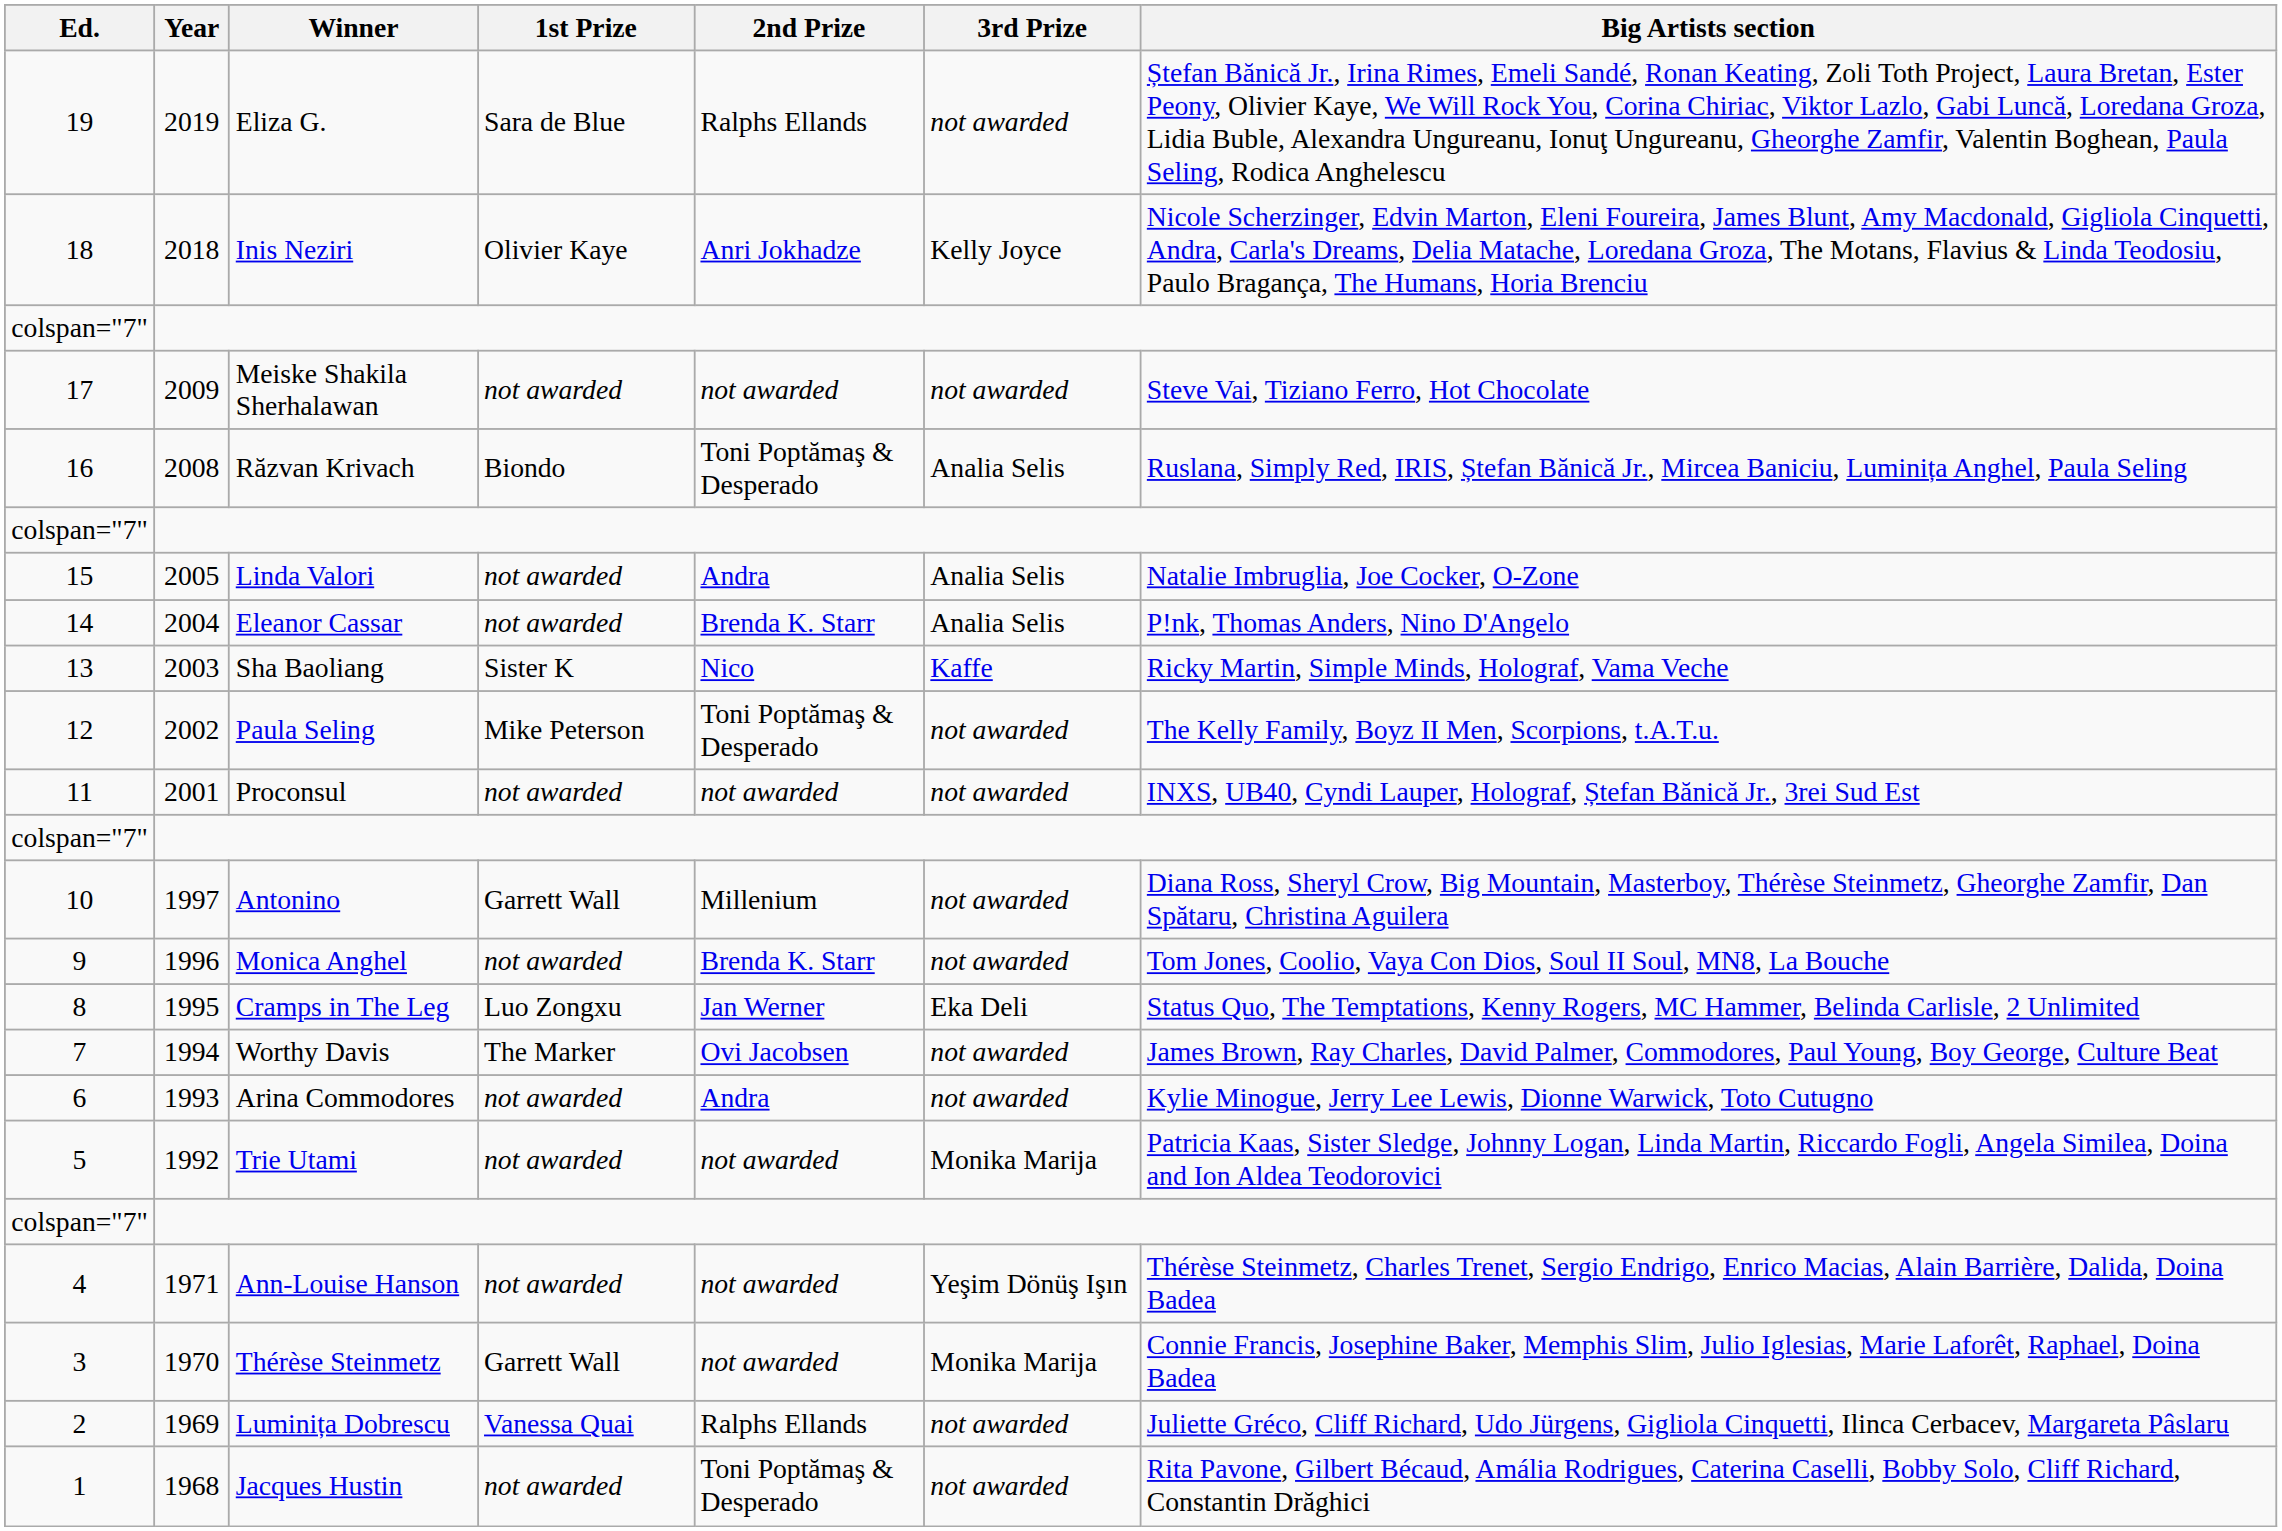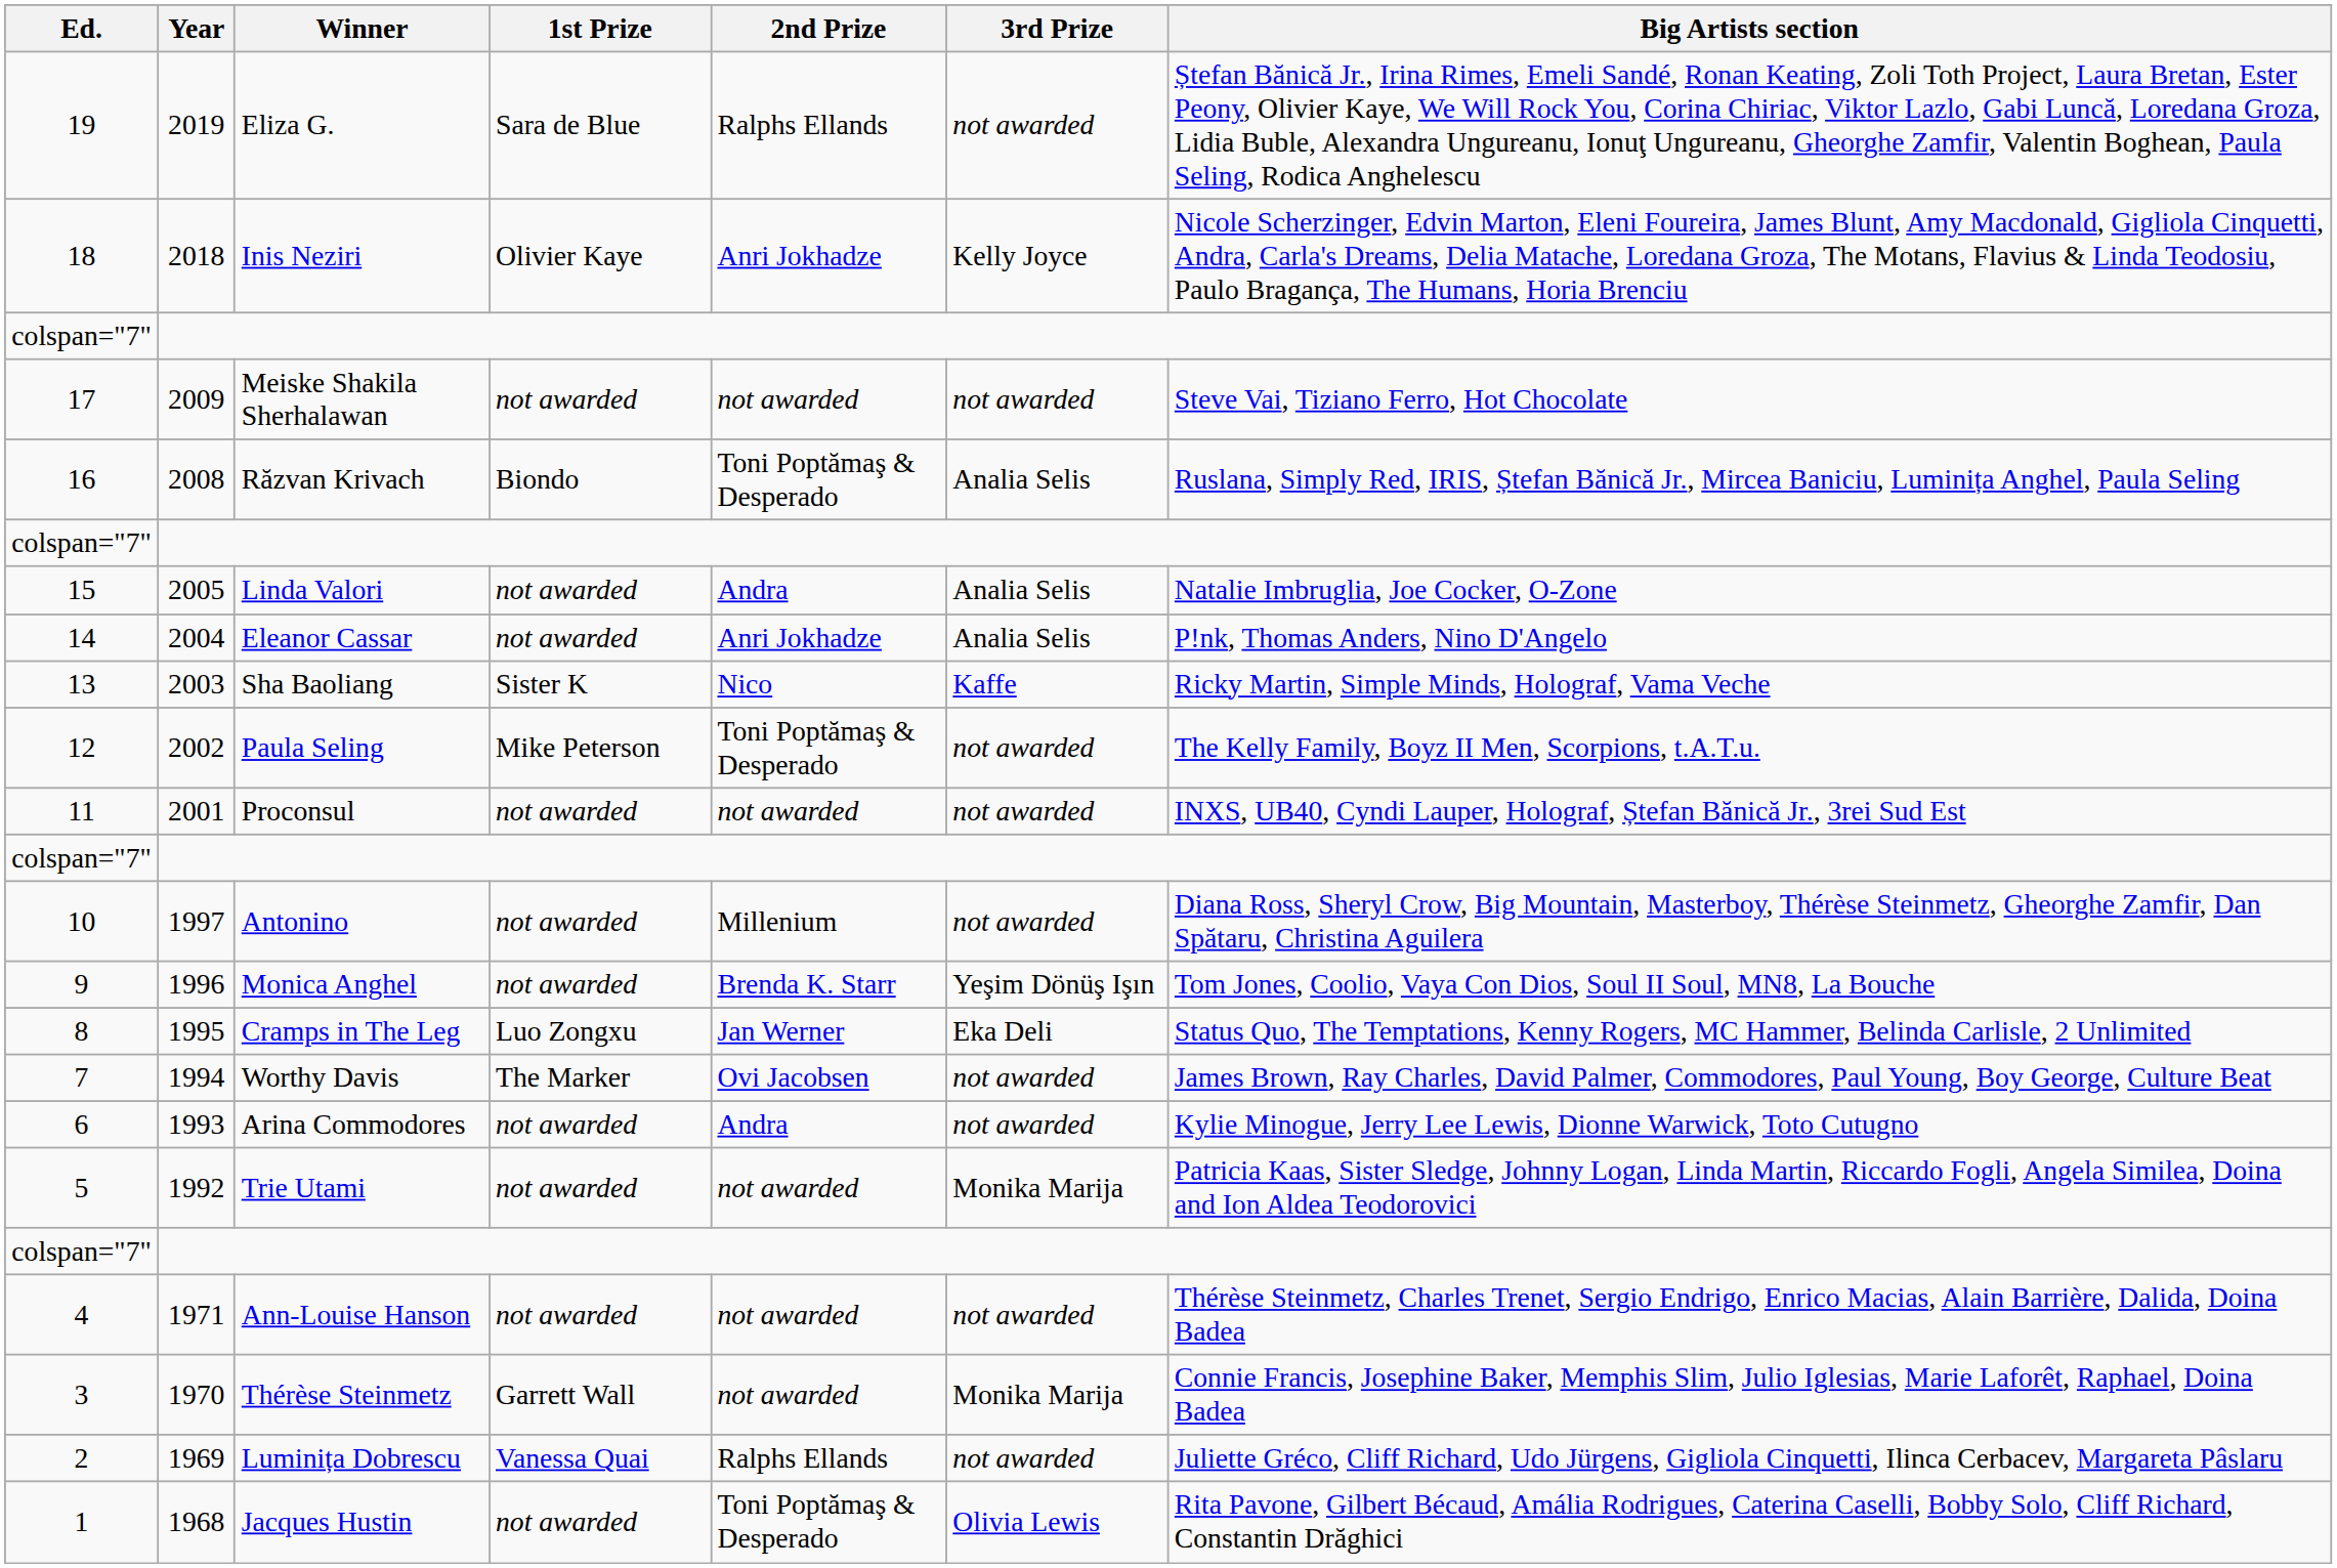 <table class="wikitable" style="font-size: 95%">
 <tr>
 <th width="30">Ed.</th>
 <th width="40">Year</th>
 <th width="200">Winner</th>
 <th width="200">1st Prize</th>
 <th width="200">2nd Prize</th>
 <th width="200">3rd Prize</th>
 <th width="50%;">Big Artists section</th>
 </tr>
 <tr valign="center">
 <td align="center">19</td>
 <td align="center">2019</td>
 <td> Eliza G.</td>
 <td> Sara de Blue</td>
 <td> Ralphs Ellands</td>
 <td><em>not awarded</em></td>
 <td> <a href='#'>Ștefan Bănică Jr.</a>,  <a href='#'>Irina Rimes</a>,  <a href='#'>Emeli Sandé</a>,  <a href='#'>Ronan Keating</a>,  Zoli Toth Project,  <a href='#'>Laura Bretan</a>,  <a href='#'>Ester Peony</a>,  Olivier Kaye,  <a href='#'>We Will Rock You</a>,  <a href='#'>Corina Chiriac</a>,  <a href='#'>Viktor Lazlo</a>,  <a href='#'>Gabi Luncă</a>,  <a href='#'>Loredana Groza</a>,  Lidia Buble,  Alexandra Ungureanu,  Ionuţ Ungureanu,  <a href='#'>Gheorghe Zamfir</a>,  Valentin Boghean,  <a href='#'>Paula Seling</a>,  Rodica Anghelescu</td>
 </tr>
 <tr valign="center">
 <td align="center">18</td>
 <td align="center">2018</td>
 <td> <a href='#'>Inis Neziri</a></td>
 <td> Olivier Kaye</td>
 <td> <a href='#'>Anri Jokhadze</a></td>
 <td> Kelly Joyce</td>
 <td> <a href='#'>Nicole Scherzinger</a>,  <a href='#'>Edvin Marton</a>,  <a href='#'>Eleni Foureira</a>,  <a href='#'>James Blunt</a>,  <a href='#'>Amy Macdonald</a>,  <a href='#'>Gigliola Cinquetti</a>,  <a href='#'>Andra</a>,  <a href='#'>Carla's Dreams</a>,  <a href='#'>Delia Matache</a>,  <a href='#'>Loredana Groza</a>,  The Motans,  Flavius & <a href='#'>Linda Teodosiu</a>,  Paulo Bragança,  <a href='#'>The Humans</a>,  <a href='#'>Horia Brenciu</a></td>
 </tr>
 <tr valign=center>
 <td>colspan="7" </td>
 </tr>
 <tr valign="center">
 <td align="center">17</td>
 <td align="center">2009</td>
 <td> Meiske Shakila Sherhalawan</td>
 <td><em>not awarded</em></td>
 <td><em>not awarded</em></td>
 <td><em>not awarded</em></td>
 <td> <a href='#'>Steve Vai</a>,  <a href='#'>Tiziano Ferro</a>,  <a href='#'>Hot Chocolate</a></td>
 </tr>
 <tr valign="center">
 <td align="center">16</td>
 <td align="center">2008</td>
 <td> Răzvan Krivach</td>
 <td> Biondo</td>
 <td> Toni Poptămaş & Desperado</td>
 <td> Analia Selis</td>
 <td> <a href='#'>Ruslana</a>,  <a href='#'>Simply Red</a>,  <a href='#'>IRIS</a>,  <a href='#'>Ștefan Bănică Jr.</a>,  <a href='#'>Mircea Baniciu</a>,  <a href='#'>Luminița Anghel</a>,  <a href='#'>Paula Seling</a></td>
 </tr>
 <tr valign=center>
 <td>colspan="7" </td>
 </tr>
 <tr valign=center>
 <td align=center>15</td>
 <td align=center>2005</td>
 <td> <a href='#'>Linda Valori</a></td>
 <td><em>not awarded</em></td>
 <td> <a href='#'>Andra</a></td>
 <td> Analia Selis</td>
 <td> <a href='#'>Natalie Imbruglia</a>,  <a href='#'>Joe Cocker</a>,  <a href='#'>O-Zone</a></td>
 </tr>
 <tr valign=center>
 <td align=center>14</td>
 <td align=center>2004</td>
 <td> <a href='#'>Eleanor Cassar</a></td>
 <td><em>not awarded</em></td>
-<td> <a href='#'>Brenda K. Starr</a></td>
+<td> <a href='#'>Anri Jokhadze</a></td>
 <td> Analia Selis</td>
 <td> <a href='#'>P!nk</a>,  <a href='#'>Thomas Anders</a>,  <a href='#'>Nino D'Angelo</a></td>
 </tr>
 <tr valign=center>
 <td align=center>13</td>
 <td align=center>2003</td>
 <td> Sha Baoliang</td>
 <td> Sister K</td>
 <td> <a href='#'>Nico</a></td>
 <td> <a href='#'>Kaffe</a></td>
 <td> <a href='#'>Ricky Martin</a>,  <a href='#'>Simple Minds</a>,  <a href='#'>Holograf</a>,  <a href='#'>Vama Veche</a></td>
 </tr>
 <tr valign=center>
 <td align=center>12</td>
 <td align=center>2002</td>
 <td> <a href='#'>Paula Seling</a></td>
 <td> Mike Peterson</td>
 <td> Toni Poptămaş & Desperado</td>
 <td><em>not awarded</em></td>
 <td> <a href='#'>The Kelly Family</a>,  <a href='#'>Boyz II Men</a>,  <a href='#'>Scorpions</a>,  <a href='#'>t.A.T.u.</a></td>
 </tr>
 <tr valign=center>
 <td align=center>11</td>
 <td align=center>2001</td>
 <td> Proconsul</td>
 <td><em>not awarded</em></td>
 <td><em>not awarded</em></td>
 <td><em>not awarded</em></td>
 <td> <a href='#'>INXS</a>,  <a href='#'>UB40</a>,  <a href='#'>Cyndi Lauper</a>,  <a href='#'>Holograf</a>,  <a href='#'>Ștefan Bănică Jr.</a>,  <a href='#'>3rei Sud Est</a></td>
 </tr>
 <tr valign=center>
 <td>colspan="7" </td>
 </tr>
 <tr valign=center>
 <td align=center>10</td>
 <td align=center>1997</td>
 <td> <a href='#'>Antonino</a></td>
-<td> Garrett Wall</td>
+<td><em>not awarded</em></td>
 <td> Millenium</td>
 <td><em>not awarded</em></td>
 <td> <a href='#'>Diana Ross</a>,  <a href='#'>Sheryl Crow</a>,  <a href='#'>Big Mountain</a>,  <a href='#'>Masterboy</a>,  <a href='#'>Thérèse Steinmetz</a>,  <a href='#'>Gheorghe Zamfir</a>,  <a href='#'>Dan Spătaru</a>,  <a href='#'>Christina Aguilera</a></td>
 </tr>
 <tr valign=center>
 <td align=center>9</td>
 <td align=center>1996</td>
 <td> <a href='#'>Monica Anghel</a></td>
 <td><em>not awarded</em></td>
 <td> <a href='#'>Brenda K. Starr</a></td>
-<td><em>not awarded</em></td>
+<td> Yeşim Dönüş Işın</td>
 <td> <a href='#'>Tom Jones</a>,  <a href='#'>Coolio</a>,  <a href='#'>Vaya Con Dios</a>,  <a href='#'>Soul II Soul</a>,  <a href='#'>MN8</a>,  <a href='#'>La Bouche</a></td>
 </tr>
 <tr valign=center>
 <td align=center>8</td>
 <td align=center>1995</td>
 <td> <a href='#'>Cramps in The Leg</a></td>
 <td> Luo Zongxu</td>
 <td> <a href='#'>Jan Werner</a></td>
 <td> Eka Deli</td>
 <td> <a href='#'>Status Quo</a>,  <a href='#'>The Temptations</a>,  <a href='#'>Kenny Rogers</a>,  <a href='#'>MC Hammer</a>,  <a href='#'>Belinda Carlisle</a>,  <a href='#'>2 Unlimited</a></td>
 </tr>
 <tr valign=center>
 <td align=center>7</td>
 <td align=center>1994</td>
 <td> Worthy Davis</td>
 <td> The Marker</td>
 <td> <a href='#'>Ovi Jacobsen</a></td>
 <td><em>not awarded</em></td>
 <td> <a href='#'>James Brown</a>,  <a href='#'>Ray Charles</a>,  <a href='#'>David Palmer</a>,  <a href='#'>Commodores</a>,  <a href='#'>Paul Young</a>,  <a href='#'>Boy George</a>,  <a href='#'>Culture Beat</a></td>
 </tr>
 <tr valign=center>
 <td align=center>6</td>
 <td align=center>1993</td>
 <td> Arina Commodores</td>
 <td><em>not awarded</em></td>
 <td> <a href='#'>Andra</a></td>
 <td><em>not awarded</em></td>
 <td> <a href='#'>Kylie Minogue</a>,  <a href='#'>Jerry Lee Lewis</a>,  <a href='#'>Dionne Warwick</a>,  <a href='#'>Toto Cutugno</a></td>
 </tr>
 <tr valign=center>
 <td align=center>5</td>
 <td align=center>1992</td>
 <td> <a href='#'>Trie Utami</a></td>
 <td><em>not awarded</em></td>
 <td><em>not awarded</em></td>
 <td> Monika Marija</td>
 <td> <a href='#'>Patricia Kaas</a>,  <a href='#'>Sister Sledge</a>,  <a href='#'>Johnny Logan</a>,  <a href='#'>Linda Martin</a>,  <a href='#'>Riccardo Fogli</a>,  <a href='#'>Angela Similea</a>,  <a href='#'>Doina and Ion Aldea Teodorovici</a></td>
 </tr>
 <tr valign=center>
 <td>colspan="7" </td>
 </tr>
 <tr valign=center>
 <td align=center>4</td>
 <td align=center>1971</td>
 <td> <a href='#'>Ann-Louise Hanson</a></td>
 <td><em>not awarded</em></td>
 <td><em>not awarded</em></td>
-<td> Yeşim Dönüş Işın</td>
+<td><em>not awarded</em></td>
 <td> <a href='#'>Thérèse Steinmetz</a>,  <a href='#'>Charles Trenet</a>,  <a href='#'>Sergio Endrigo</a>,  <a href='#'>Enrico Macias</a>,  <a href='#'>Alain Barrière</a>,  <a href='#'>Dalida</a>,  <a href='#'>Doina Badea</a></td>
 </tr>
 <tr valign=center>
 <td align=center>3</td>
 <td align=center>1970</td>
 <td> <a href='#'>Thérèse Steinmetz</a></td>
 <td> Garrett Wall</td>
 <td><em>not awarded</em></td>
 <td> Monika Marija</td>
 <td> <a href='#'>Connie Francis</a>,  <a href='#'>Josephine Baker</a>,  <a href='#'>Memphis Slim</a>,  <a href='#'>Julio Iglesias</a>,  <a href='#'>Marie Laforêt</a>,  <a href='#'>Raphael</a>,  <a href='#'>Doina Badea</a></td>
 </tr>
 <tr valign=center>
 <td align=center>2</td>
 <td align=center>1969</td>
 <td> <a href='#'>Luminița Dobrescu</a></td>
 <td> <a href='#'>Vanessa Quai</a></td>
 <td> Ralphs Ellands</td>
 <td><em>not awarded</em></td>
 <td> <a href='#'>Juliette Gréco</a>,  <a href='#'>Cliff Richard</a>,  <a href='#'>Udo Jürgens</a>,  <a href='#'>Gigliola Cinquetti</a>,  Ilinca Cerbacev,  <a href='#'>Margareta Pâslaru</a></td>
 </tr>
 <tr valign=center>
 <td align=center>1</td>
 <td align=center>1968</td>
 <td> <a href='#'>Jacques Hustin</a></td>
 <td><em>not awarded</em></td>
 <td> Toni Poptămaş & Desperado</td>
-<td><em>not awarded</em></td>
+<td> <a href='#'>Olivia Lewis</a></td>
 <td> <a href='#'>Rita Pavone</a>,  <a href='#'>Gilbert Bécaud</a>,  <a href='#'>Amália Rodrigues</a>,  <a href='#'>Caterina Caselli</a>,  <a href='#'>Bobby Solo</a>,  <a href='#'>Cliff Richard</a>,  Constantin Drăghici</td>
 </tr>
 </table>
